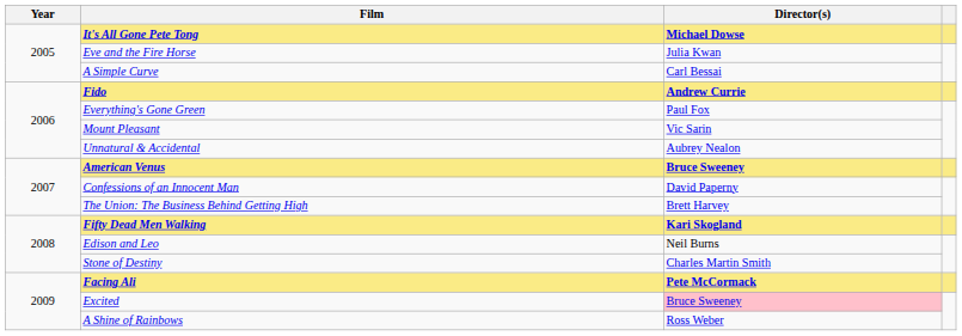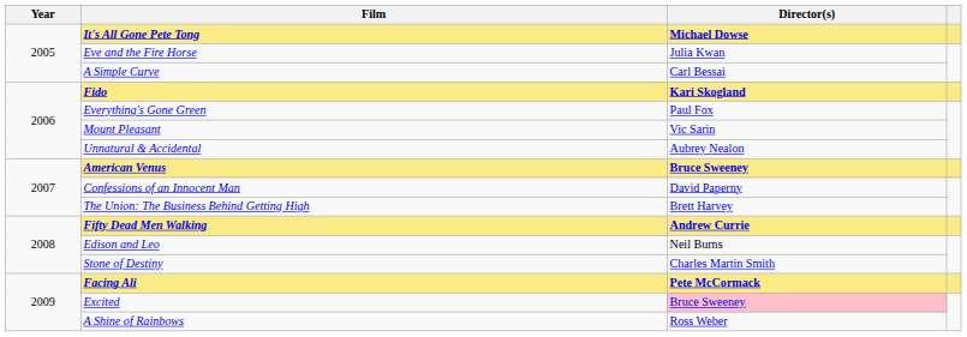 <table class="wikitable" width="100%" cellpadding="5">
 <tr>
 <th>Year</th>
 <th>Film</th>
 <th>Director(s)</th>
 <th></th>
 </tr>
 <tr>
 <td style="text-align:center;" rowspan=3>2005</td>
 <td style="background:#FAEB86;"><strong><em><a href='#'>It's All Gone Pete Tong</a></em></strong></td>
 <td style="background:#FAEB86;"><strong><a href='#'>Michael Dowse</a></strong></td>
 <td style="background:#FAEB86;"></td>
 </tr>
 <tr>
 <td><em><a href='#'>Eve and the Fire Horse</a></em></td>
 <td><a href='#'>Julia Kwan</a></td>
 <td rowspan=2></td>
 </tr>
 <tr>
 <td><em><a href='#'>A Simple Curve</a></em></td>
 <td><a href='#'>Carl Bessai</a></td>
 </tr>
 <tr>
 <td style="text-align:center;" rowspan=4>2006</td>
 <td style="background:#FAEB86;"><strong><em><a href='#'>Fido</a></em></strong></td>
-<td style="background:#FAEB86;"><strong><a href='#'>Andrew Currie</a></strong></td>
+<td style="background:#FAEB86;"><strong><a href='#'>Kari Skogland</a></strong></td>
 <td style="background:#FAEB86;"></td>
 </tr>
 <tr>
 <td><em><a href='#'>Everything's Gone Green</a></em></td>
 <td><a href='#'>Paul Fox</a></td>
 <td rowspan=3></td>
 </tr>
 <tr>
 <td><em><a href='#'>Mount Pleasant</a></em></td>
 <td><a href='#'>Vic Sarin</a></td>
 </tr>
 <tr>
 <td><em><a href='#'>Unnatural & Accidental</a></em></td>
 <td><a href='#'>Aubrey Nealon</a></td>
 </tr>
 <tr>
 <td style="text-align:center;" rowspan=3>2007</td>
 <td style="background:#FAEB86;"><strong><em><a href='#'>American Venus</a></em></strong></td>
 <td style="background:#FAEB86;"><strong><a href='#'>Bruce Sweeney</a></strong></td>
 <td style="background:#FAEB86;"></td>
 </tr>
 <tr>
 <td><em><a href='#'>Confessions of an Innocent Man</a></em></td>
 <td><a href='#'>David Paperny</a></td>
 <td rowspan=2></td>
 </tr>
 <tr>
 <td><em><a href='#'>The Union: The Business Behind Getting High</a></em></td>
 <td><a href='#'>Brett Harvey</a></td>
 </tr>
 <tr>
 <td style="text-align:center;" rowspan=3>2008</td>
 <td style="background:#FAEB86;"><strong><em><a href='#'>Fifty Dead Men Walking</a></em></strong></td>
-<td style="background:#FAEB86;"><strong><a href='#'>Kari Skogland</a></strong></td>
+<td style="background:#FAEB86;"><strong><a href='#'>Andrew Currie</a></strong></td>
 <td style="background:#FAEB86;"></td>
 </tr>
 <tr>
 <td><em><a href='#'>Edison and Leo</a></em></td>
 <td>Neil Burns</td>
 <td rowspan=2></td>
 </tr>
 <tr>
 <td><em><a href='#'>Stone of Destiny</a></em></td>
 <td><a href='#'>Charles Martin Smith</a></td>
 </tr>
 <tr>
 <td style="text-align:center;" rowspan=3>2009</td>
 <td style="background:#FAEB86;"><strong><em><a href='#'>Facing Ali</a></em></strong></td>
 <td style="background:#FAEB86;"><strong><a href='#'>Pete McCormack</a></strong></td>
 <td style="background:#FAEB86;"></td>
 </tr>
 <tr>
 <td><em><a href='#'>Excited</a></em></td>
 <td style="background: pink;"><a href='#'>Bruce Sweeney</a></td>
 <td rowspan=2></td>
 </tr>
 <tr>
 <td><em><a href='#'>A Shine of Rainbows</a></em></td>
 <td><a href='#'>Ross Weber</a></td>
 </tr>
 </table>
